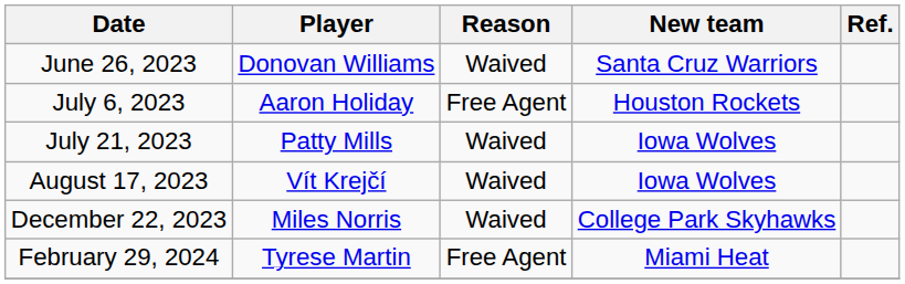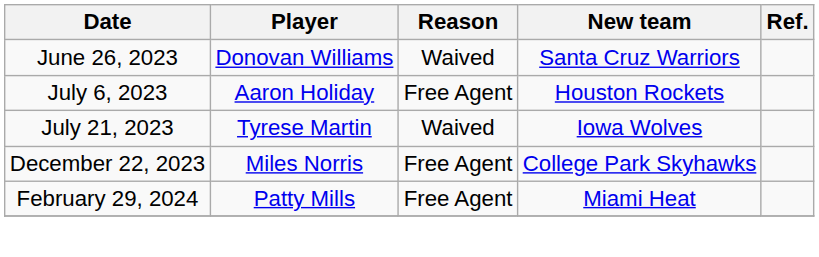 <table class="wikitable sortable sortable" style="text-align: center">
 <tr>
 <th>Date</th>
 <th>Player</th>
 <th>Reason</th>
 <th>New team</th>
 <th>Ref.</th>
 </tr>
 <tr>
 <td>June 26, 2023</td>
 <td><a href='#'>Donovan Williams</a></td>
 <td>Waived</td>
 <td><a href='#'>Santa Cruz Warriors</a></td>
 <td></td>
 </tr>
 <tr>
 <td>July 6, 2023</td>
 <td><a href='#'>Aaron Holiday</a></td>
 <td>Free Agent</td>
 <td><a href='#'>Houston Rockets</a></td>
 <td></td>
 </tr>
 <tr>
 <td>July 21, 2023</td>
-<td><a href='#'>Patty Mills</a></td>
-<td>Waived</td>
-<td><a href='#'>Iowa Wolves</a></td>
-<td></td>
-</tr>
-<tr>
-<td>August 17, 2023</td>
-<td><a href='#'>Vít Krejčí</a></td>
+<td><a href='#'>Tyrese Martin</a></td>
 <td>Waived</td>
 <td><a href='#'>Iowa Wolves</a></td>
 <td></td>
 </tr>
 <tr>
 <td>December 22, 2023</td>
 <td><a href='#'>Miles Norris</a></td>
-<td>Waived</td>
+<td>Free Agent</td>
 <td><a href='#'>College Park Skyhawks</a></td>
 <td></td>
 </tr>
 <tr>
 <td>February 29, 2024</td>
-<td><a href='#'>Tyrese Martin</a></td>
+<td><a href='#'>Patty Mills</a></td>
 <td>Free Agent</td>
 <td><a href='#'>Miami Heat</a></td>
 <td></td>
 </tr>
 <tr>
 </tr>
 </table>
